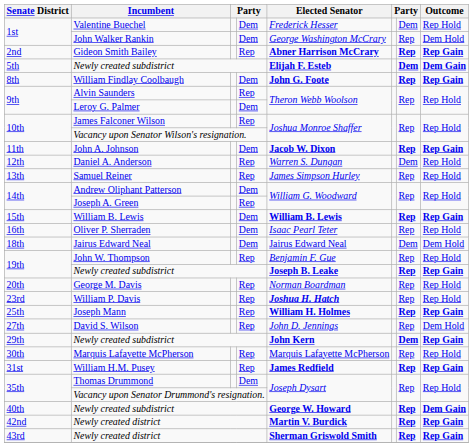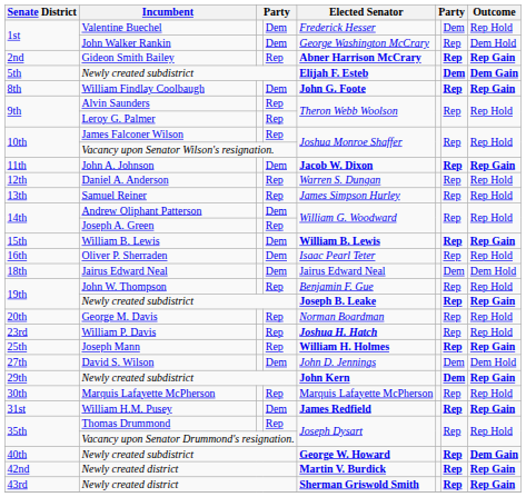 <table class="sortable wikitable" style="font-size:95%;line-height:14px;">
 <tr>
 <th class="sortable"><a href='#'>Senate</a> District</th>
 <th class="sortable"><a href='#'>Incumbent</a></th>
 <th colspan="2">Party</th>
 <th class="sortable">Elected Senator</th>
 <th colspan="2">Party</th>
 <th class="sortable">Outcome</th>
 </tr>
 <tr>
 <td rowspan="2"><a href='#'>1st</a></td>
 <td><a href='#'>Valentine Buechel</a></td>
 <td style="background:"></td>
 <td><a href='#'>Dem</a></td>
 <td><em><a href='#'>Frederick Hesser</a></em></td>
 <td style="background:"></td>
 <td><a href='#'>Dem</a></td>
 <td><a href='#'>Rep Hold</a></td>
 </tr>
 <tr>
 <td><a href='#'>John Walker Rankin</a></td>
 <td style="background:"></td>
 <td><a href='#'>Dem</a></td>
 <td><em><a href='#'>George Washington McCrary</a></em></td>
 <td style="background:"></td>
 <td><a href='#'>Rep</a></td>
 <td><a href='#'>Dem Hold</a></td>
 </tr>
 <tr>
 <td><a href='#'>2nd</a></td>
 <td><a href='#'>Gideon Smith Bailey</a></td>
 <td style="background:"></td>
 <td><a href='#'>Rep</a></td>
 <td><strong><a href='#'>Abner Harrison McCrary</a></strong></td>
 <td style="background:"></td>
 <td><strong><a href='#'>Rep</a></strong></td>
 <td><strong><a href='#'>Rep Gain</a></strong></td>
 </tr>
 <tr>
 <td><a href='#'>5th</a></td>
 <td colspan="3" ><em>Newly created subdistrict</em></td>
 <td><strong><a href='#'>Elijah F. Esteb</a></strong></td>
 <td style="background:"></td>
 <td><strong><a href='#'>Dem</a></strong></td>
 <td><strong><a href='#'>Dem Gain</a></strong></td>
 </tr>
 <tr>
 <td><a href='#'>8th</a></td>
 <td><a href='#'>William Findlay Coolbaugh</a></td>
 <td style="background:"></td>
 <td><a href='#'>Dem</a></td>
 <td><strong><a href='#'>John G. Foote</a></strong></td>
 <td style="background:"></td>
 <td><strong><a href='#'>Rep</a></strong></td>
 <td><strong><a href='#'>Rep Gain</a></strong></td>
 </tr>
 <tr>
 <td rowspan="2"><a href='#'>9th</a></td>
 <td><a href='#'>Alvin Saunders</a></td>
 <td style="background:"></td>
 <td><a href='#'>Rep</a></td>
 <td rowspan="2"><em><a href='#'>Theron Webb Woolson</a></em></td>
 <td rowspan="2" style="background:"></td>
 <td rowspan="2"><a href='#'>Rep</a></td>
 <td rowspan="2"><a href='#'>Rep Hold</a></td>
 </tr>
 <tr>
 <td><a href='#'>Leroy G. Palmer</a></td>
 <td style="background:"></td>
-<td><a href='#'>Dem</a></td>
+<td><a href='#'>Rep</a></td>
 </tr>
 <tr>
 <td rowspan="2"><a href='#'>10th</a></td>
 <td><a href='#'>James Falconer Wilson</a></td>
 <td style="background:"></td>
 <td><a href='#'>Rep</a></td>
 <td rowspan="2"><em><a href='#'>Joshua Monroe Shaffer</a></em></td>
 <td rowspan="2" style="background:"></td>
 <td rowspan="2"><a href='#'>Rep</a></td>
 <td rowspan="2"><a href='#'>Rep Hold</a></td>
 </tr>
 <tr>
 <td colspan="3" ><em>Vacancy upon Senator Wilson's resignation.</em></td>
 </tr>
 <tr>
 <td><a href='#'>11th</a></td>
 <td><a href='#'>John A. Johnson</a></td>
 <td style="background:"></td>
 <td><a href='#'>Dem</a></td>
 <td><strong><a href='#'>Jacob W. Dixon</a></strong></td>
 <td style="background:"></td>
 <td><strong><a href='#'>Rep</a></strong></td>
 <td><strong><a href='#'>Rep Gain</a></strong></td>
 </tr>
 <tr>
 <td><a href='#'>12th</a></td>
 <td><a href='#'>Daniel A. Anderson</a></td>
 <td style="background:"></td>
 <td><a href='#'>Rep</a></td>
 <td><em><a href='#'>Warren S. Dungan</a></em></td>
 <td style="background:"></td>
-<td><a href='#'>Dem</a></td>
+<td><a href='#'>Rep</a></td>
 <td><a href='#'>Rep Hold</a></td>
 </tr>
 <tr>
 <td><a href='#'>13th</a></td>
 <td><a href='#'>Samuel Reiner</a></td>
 <td style="background:"></td>
 <td><a href='#'>Rep</a></td>
 <td><em><a href='#'>James Simpson Hurley</a></em></td>
 <td style="background:"></td>
 <td><a href='#'>Rep</a></td>
 <td><a href='#'>Rep Hold</a></td>
 </tr>
 <tr>
 <td rowspan="2"><a href='#'>14th</a></td>
 <td><a href='#'>Andrew Oliphant Patterson</a></td>
 <td style="background:"></td>
 <td><a href='#'>Dem</a></td>
 <td rowspan="2"><em><a href='#'>William G. Woodward</a></em></td>
 <td rowspan="2" style="background:"></td>
 <td rowspan="2"><a href='#'>Rep</a></td>
 <td rowspan="2"><a href='#'>Rep Hold</a></td>
 </tr>
 <tr>
 <td><a href='#'>Joseph A. Green</a></td>
 <td style="background:"></td>
 <td><a href='#'>Rep</a></td>
 </tr>
 <tr>
 <td><a href='#'>15th</a></td>
 <td><a href='#'>William B. Lewis</a></td>
 <td style="background:"></td>
 <td><a href='#'>Dem</a></td>
 <td><strong><a href='#'>William B. Lewis</a></strong></td>
 <td style="background:"></td>
 <td><strong><a href='#'>Rep</a></strong></td>
 <td><strong><a href='#'>Rep Gain</a></strong></td>
 </tr>
 <tr>
 <td><a href='#'>16th</a></td>
 <td><a href='#'>Oliver P. Sherraden</a></td>
 <td style="background:"></td>
 <td><a href='#'>Dem</a></td>
 <td><em><a href='#'>Isaac Pearl Teter</a></em></td>
 <td style="background:"></td>
 <td><a href='#'>Rep</a></td>
 <td><a href='#'>Rep Hold</a></td>
 </tr>
 <tr>
 <td><a href='#'>18th</a></td>
 <td><a href='#'>Jairus Edward Neal</a></td>
 <td style="background:"></td>
 <td><a href='#'>Dem</a></td>
 <td><a href='#'>Jairus Edward Neal</a></td>
 <td style="background:"></td>
 <td><a href='#'>Dem</a></td>
 <td><a href='#'>Dem Hold</a></td>
 </tr>
 <tr>
 <td rowspan="2"><a href='#'>19th</a></td>
 <td><a href='#'>John W. Thompson</a></td>
 <td style="background:"></td>
 <td><a href='#'>Rep</a></td>
 <td><em><a href='#'>Benjamin F. Gue</a></em></td>
 <td style="background:"></td>
 <td><a href='#'>Rep</a></td>
 <td><a href='#'>Rep Hold</a></td>
 </tr>
 <tr>
 <td colspan="3" ><em>Newly created subdistrict</em></td>
 <td><strong><a href='#'>Joseph B. Leake</a></strong></td>
 <td style="background:"></td>
 <td><strong><a href='#'>Rep</a></strong></td>
 <td><strong><a href='#'>Rep Gain</a></strong></td>
 </tr>
 <tr>
 <td><a href='#'>20th</a></td>
 <td><a href='#'>George M. Davis</a></td>
 <td style="background:"></td>
 <td><a href='#'>Rep</a></td>
 <td><em><a href='#'>Norman Boardman</a></em></td>
 <td style="background:"></td>
 <td><a href='#'>Rep</a></td>
 <td><a href='#'>Rep Hold</a></td>
 </tr>
 <tr>
 <td><a href='#'>23rd</a></td>
 <td><a href='#'>William P. Davis</a></td>
 <td style="background:"></td>
 <td><a href='#'>Rep</a></td>
 <td><strong><em><a href='#'>Joshua H. Hatch</a></em></strong></td>
 <td style="background:"></td>
 <td><a href='#'>Rep</a></td>
 <td><a href='#'>Rep Hold</a></td>
 </tr>
 <tr>
 <td><a href='#'>25th</a></td>
 <td><a href='#'>Joseph Mann</a></td>
 <td style="background:"></td>
 <td><a href='#'>Rep</a></td>
 <td><strong><a href='#'>William H. Holmes</a></strong></td>
 <td style="background:"></td>
 <td><strong><a href='#'>Rep</a></strong></td>
 <td><strong><a href='#'>Rep Gain</a></strong></td>
 </tr>
 <tr>
 <td><a href='#'>27th</a></td>
 <td><a href='#'>David S. Wilson</a></td>
 <td style="background:"></td>
-<td><a href='#'>Rep</a></td>
+<td><a href='#'>Dem</a></td>
 <td><em><a href='#'>John D. Jennings</a></em></td>
 <td style="background:"></td>
-<td><a href='#'>Rep</a></td>
+<td><a href='#'>Dem</a></td>
 <td><a href='#'>Dem Hold</a></td>
 </tr>
 <tr>
 <td><a href='#'>29th</a></td>
 <td colspan="3" ><em>Newly created subdistrict</em></td>
 <td><strong><a href='#'>John Kern</a></strong></td>
 <td style="background:"></td>
 <td><strong><a href='#'>Dem</a></strong></td>
 <td><strong><a href='#'>Rep Gain</a></strong></td>
 </tr>
 <tr>
 <td><a href='#'>30th</a></td>
 <td><a href='#'>Marquis Lafayette McPherson</a></td>
 <td style="background:"></td>
 <td><a href='#'>Rep</a></td>
 <td><a href='#'>Marquis Lafayette McPherson</a></td>
 <td style="background:"></td>
 <td><a href='#'>Rep</a></td>
 <td><a href='#'>Rep Hold</a></td>
 </tr>
 <tr>
 <td><a href='#'>31st</a></td>
 <td><a href='#'>William H.M. Pusey</a></td>
 <td style="background:"></td>
-<td><a href='#'>Rep</a></td>
+<td><a href='#'>Dem</a></td>
 <td><strong><a href='#'>James Redfield</a></strong></td>
 <td style="background:"></td>
 <td><strong><a href='#'>Rep</a></strong></td>
 <td><strong><a href='#'>Rep Gain</a></strong></td>
 </tr>
 <tr>
 <td rowspan="2"><a href='#'>35th</a></td>
 <td><a href='#'>Thomas Drummond</a></td>
 <td style="background:"></td>
-<td><a href='#'>Dem</a></td>
+<td><a href='#'>Rep</a></td>
 <td rowspan="2"><em><a href='#'>Joseph Dysart</a></em></td>
 <td rowspan="2" style="background:"></td>
 <td rowspan="2"><a href='#'>Rep</a></td>
 <td rowspan="2"><a href='#'>Rep Hold</a></td>
 </tr>
 <tr>
 <td colspan="3" ><em>Vacancy upon Senator Drummond's resignation.</em></td>
 </tr>
 <tr>
 <td><a href='#'>40th</a></td>
 <td colspan="3" ><em>Newly created subdistrict</em></td>
 <td><strong><a href='#'>George W. Howard</a></strong></td>
 <td style="background:"></td>
 <td><strong><a href='#'>Rep</a></strong></td>
 <td><strong><a href='#'>Dem Gain</a></strong></td>
 </tr>
 <tr>
 <td><a href='#'>42nd</a></td>
 <td colspan="3" ><em>Newly created district</em></td>
 <td><strong><a href='#'>Martin V. Burdick</a></strong></td>
 <td style="background:"></td>
 <td><strong><a href='#'>Rep</a></strong></td>
 <td><strong><a href='#'>Rep Gain</a></strong></td>
 </tr>
 <tr>
 <td><a href='#'>43rd</a></td>
 <td colspan="3" ><em>Newly created district</em></td>
 <td><strong><a href='#'>Sherman Griswold Smith</a></strong></td>
 <td style="background:"></td>
 <td><strong><a href='#'>Rep</a></strong></td>
 <td><strong><a href='#'>Rep Gain</a></strong></td>
 </tr>
 <tr>
 </tr>
 </table>
